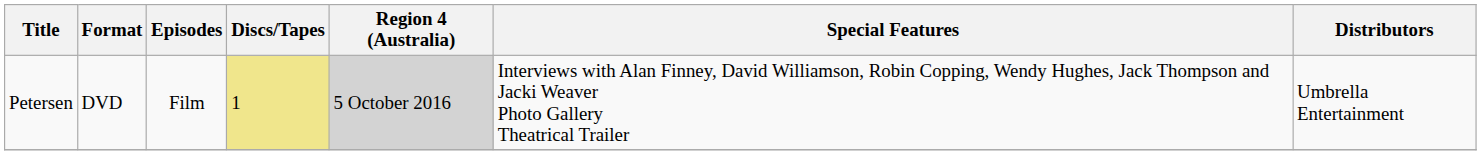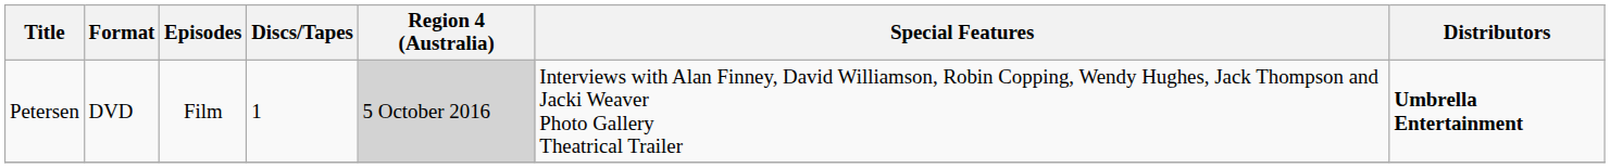 <table class="wikitable">
 <tr>
 <th>Title</th>
 <th>Format</th>
 <th>Episodes</th>
 <th>Discs/Tapes</th>
 <th>Region 4 (Australia)</th>
 <th>Special Features</th>
 <th>Distributors</th>
 </tr>
 <tr>
 <td>Petersen</td>
 <td>DVD</td>
 <td style="text-align:center;">Film</td>
-<td style="background: khaki;">1</td>
+<td>1</td>
 <td style="background: lightgrey;">5 October 2016</td>
 <td>Interviews with Alan Finney, David Williamson, Robin Copping, Wendy Hughes, Jack Thompson and Jacki Weaver<br>Photo Gallery<br>Theatrical Trailer</td>
-<td>Umbrella Entertainment</td>
+<td><strong>Umbrella Entertainment</strong></td>
 </tr>
 <tr>
 </tr>
 </table>
